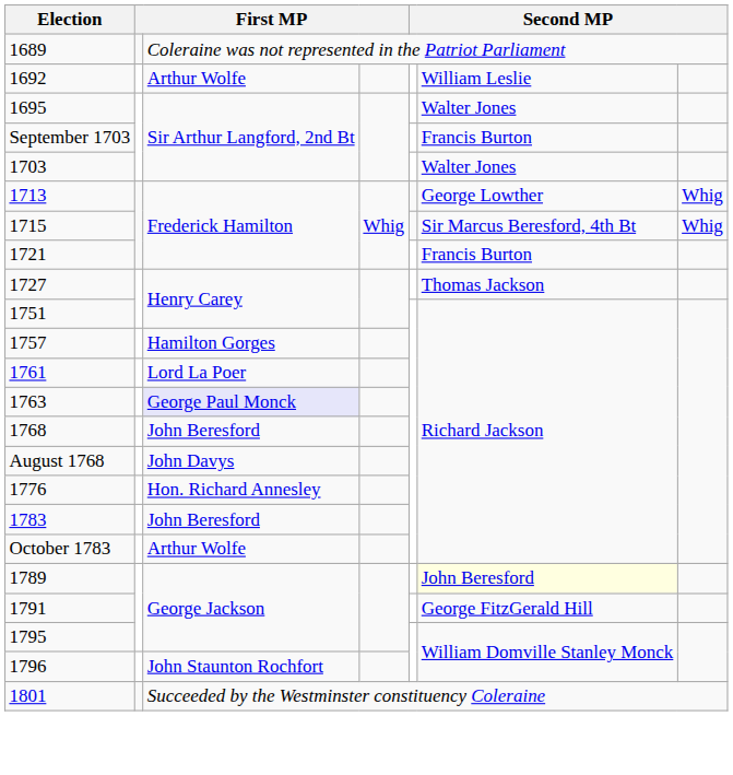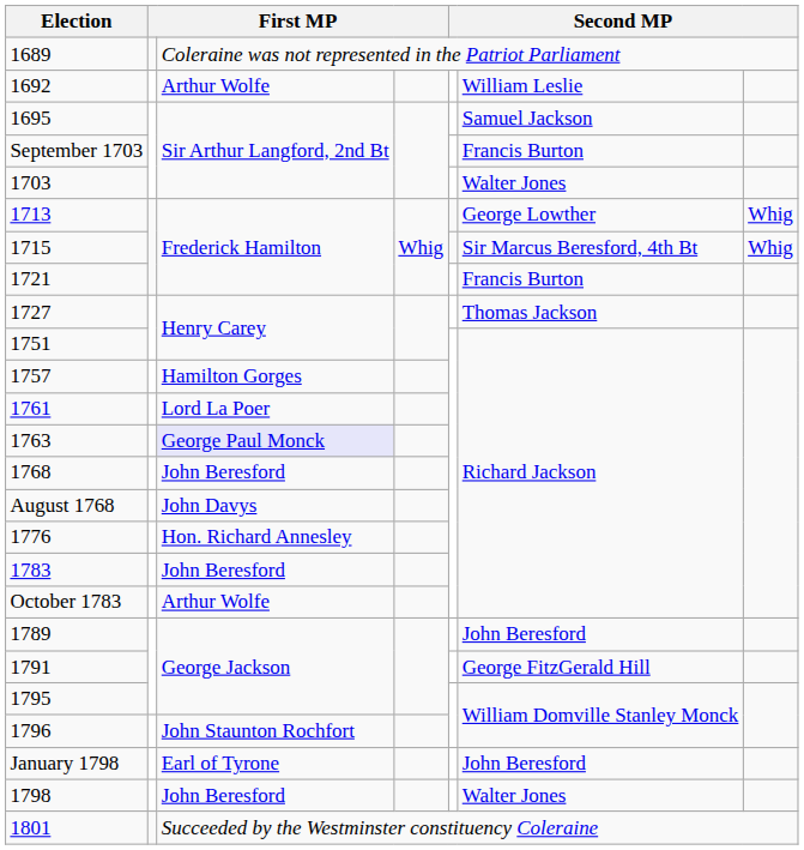 <table class="wikitable">
 <tr>
 <th>Election</th>
 <th colspan=3>First MP</th>
 <th colspan=3>Second MP</th>
 </tr>
 <tr>
 <td>1689</td>
 <td></td>
 <td colspan="5"><em>Coleraine was not represented in the <a href='#'>Patriot Parliament</a></em></td>
 </tr>
 <tr>
 <td>1692</td>
 <td style="background-color: white"></td>
 <td><a href='#'>Arthur Wolfe</a></td>
 <td></td>
 <td style="background-color: white"></td>
 <td><a href='#'>William Leslie</a></td>
 <td></td>
 </tr>
 <tr>
 <td>1695</td>
 <td rowspan="3" style="background-color: white"></td>
 <td rowspan="3"><a href='#'>Sir Arthur Langford, 2nd Bt</a></td>
 <td rowspan="3"></td>
 <td style="background-color: white"></td>
-<td><a href='#'>Walter Jones</a></td>
+<td><a href='#'>Samuel Jackson</a></td>
 <td></td>
 </tr>
 <tr>
 <td>September 1703</td>
 <td style="background-color: white"></td>
 <td><a href='#'>Francis Burton</a></td>
 <td></td>
 </tr>
 <tr>
 <td>1703</td>
 <td style="background-color: white"></td>
 <td><a href='#'>Walter Jones</a></td>
 <td></td>
 </tr>
 <tr>
 <td><a href='#'>1713</a></td>
 <td rowspan="3" style="background-color: "></td>
 <td rowspan="3"><a href='#'>Frederick Hamilton</a></td>
 <td rowspan="3"><a href='#'>Whig</a></td>
 <td style="background-color: "></td>
 <td><a href='#'>George Lowther</a></td>
 <td><a href='#'>Whig</a></td>
 </tr>
 <tr>
 <td>1715</td>
 <td style="background-color: "></td>
 <td><a href='#'>Sir Marcus Beresford, 4th Bt</a></td>
 <td><a href='#'>Whig</a></td>
 </tr>
 <tr>
 <td>1721</td>
 <td style="background-color: white"></td>
 <td><a href='#'>Francis Burton</a></td>
 <td></td>
 </tr>
 <tr>
 <td>1727</td>
 <td rowspan="2" style="background-color: white"></td>
 <td rowspan="2"><a href='#'>Henry Carey</a></td>
 <td rowspan="2"></td>
 <td style="background-color: white"></td>
 <td><a href='#'>Thomas Jackson</a></td>
 <td></td>
 </tr>
 <tr>
 <td>1751</td>
 <td rowspan="9" style="background-color: white"></td>
 <td rowspan="9"><a href='#'>Richard Jackson</a></td>
 <td rowspan="9"></td>
 </tr>
 <tr>
 <td>1757</td>
 <td style="background-color: white"></td>
 <td><a href='#'>Hamilton Gorges</a></td>
 <td></td>
 </tr>
 <tr>
 <td><a href='#'>1761</a></td>
 <td style="background-color: white"></td>
 <td><a href='#'>Lord La Poer</a></td>
 <td></td>
 </tr>
 <tr>
 <td>1763</td>
 <td style="background-color: white"></td>
 <td style="background: lavender;"><a href='#'>George Paul Monck</a></td>
 <td></td>
 </tr>
 <tr>
 <td>1768</td>
 <td style="background-color: white"></td>
 <td><a href='#'>John Beresford</a></td>
 <td></td>
 </tr>
 <tr>
 <td>August 1768</td>
 <td style="background-color: white"></td>
 <td><a href='#'>John Davys</a></td>
 <td></td>
 </tr>
 <tr>
 <td>1776</td>
 <td style="background-color: white"></td>
 <td><a href='#'>Hon. Richard Annesley</a></td>
 <td></td>
 </tr>
 <tr>
 <td><a href='#'>1783</a></td>
 <td style="background-color: white"></td>
 <td><a href='#'>John Beresford</a></td>
 <td></td>
 </tr>
 <tr>
 <td>October 1783</td>
 <td style="background-color: white"></td>
 <td><a href='#'>Arthur Wolfe</a></td>
 <td></td>
 </tr>
 <tr>
 <td>1789</td>
 <td rowspan="3" style="background-color: white"></td>
 <td rowspan="3"><a href='#'>George Jackson</a></td>
 <td rowspan="3"></td>
 <td style="background-color: white"></td>
-<td style="background: lightyellow;"><a href='#'>John Beresford</a></td>
+<td><a href='#'>John Beresford</a></td>
 <td></td>
 </tr>
 <tr>
 <td>1791</td>
 <td style="background-color: white"></td>
 <td><a href='#'>George FitzGerald Hill</a></td>
 <td></td>
 </tr>
 <tr>
 <td>1795</td>
 <td rowspan="2" style="background-color: white"></td>
 <td rowspan="2"><a href='#'>William Domville Stanley Monck</a></td>
 <td rowspan="2"></td>
 </tr>
 <tr>
 <td>1796</td>
 <td style="background-color: white"></td>
 <td><a href='#'>John Staunton Rochfort</a></td>
 <td></td>
 </tr>
 <tr>
+<td>January 1798</td>
+<td style="background-color: white"></td>
+<td><a href='#'>Earl of Tyrone</a></td>
+<td></td>
+<td style="background-color: white"></td>
+<td><a href='#'>John Beresford</a></td>
+<td></td>
+</tr>
+<tr>
+<td>1798</td>
+<td style="background-color: white"></td>
+<td><a href='#'>John Beresford</a></td>
+<td></td>
+<td style="background-color: white"></td>
+<td><a href='#'>Walter Jones</a></td>
+<td></td>
+</tr>
+<tr>
 <td><a href='#'>1801</a></td>
 <td></td>
 <td colspan="5"><em>Succeeded by the Westminster constituency <a href='#'>Coleraine</a></em></td>
 </tr>
 </table>
